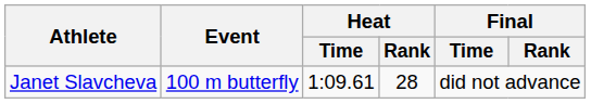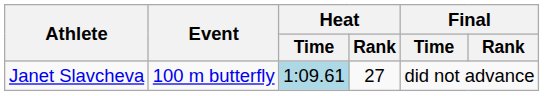 <table class="wikitable" style="text-align:center; font-size:90%">
 <tr>
 <th rowspan="2">Athlete</th>
 <th rowspan="2">Event</th>
 <th colspan="2">Heat</th>
 <th colspan="2">Final</th>
 </tr>
 <tr style="font-size:95%">
 <th>Time</th>
 <th>Rank</th>
 <th>Time</th>
 <th>Rank</th>
 </tr>
 <tr>
 <td align=left><a href='#'>Janet Slavcheva</a></td>
 <td align=left rowspan=2><a href='#'>100 m butterfly</a></td>
-<td>1:09.61</td>
-<td>28</td>
+<td style="background: lightblue;">1:09.61</td>
+<td>27</td>
 <td colspan=2>did not advance</td>
 </tr>
 </table>
